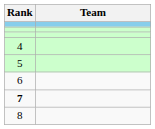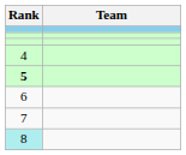 <table class=wikitable style="text-align:center;">
 <tr>
 <th>Rank</th>
 <th width=160>Team</th>
 </tr>
 <tr bgcolor=skyblue>
 <td></td>
 <td align=left></td>
 </tr>
 <tr style="background:#ccffcc">
 <td></td>
 <td align=left></td>
 </tr>
 <tr style="background:#ccffcc">
 <td></td>
 <td align=left></td>
 </tr>
 <tr style="background:#ccffcc">
 <td>4</td>
 <td align=left></td>
 </tr>
 <tr style="background:#ccffcc">
-<td>5</td>
+<td><strong>5</strong></td>
 <td align=left></td>
 </tr>
 <tr>
 <td>6</td>
 <td align=left></td>
 </tr>
 <tr>
-<td><strong>7</strong></td>
+<td>7</td>
 <td align=left></td>
 </tr>
 <tr>
-<td>8</td>
+<td style="background: paleturquoise;">8</td>
 <td align=left></td>
 </tr>
 </table>
